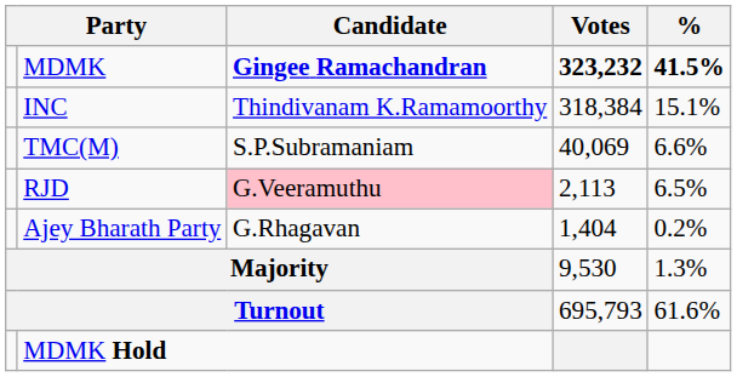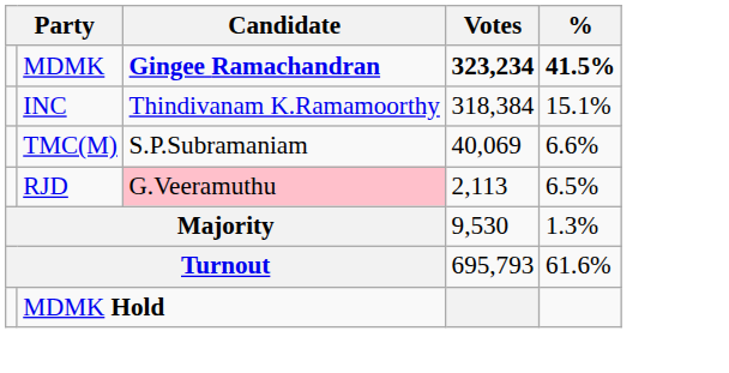 <table class="wikitable">
 <tr>
 <th colspan="2">Party</th>
 <th>Candidate</th>
 <th>Votes</th>
 <th>%</th>
 </tr>
 <tr>
 <td></td>
 <td><a href='#'>MDMK</a></td>
 <td><a href='#'><strong>Gingee</strong> <strong>Ramachandran</strong></a></td>
-<td><strong>323,232</strong></td>
+<td><strong>323,234</strong></td>
 <td><strong>41.5%</strong></td>
 </tr>
 <tr>
 <td></td>
 <td><a href='#'>INC</a></td>
 <td><a href='#'>Thindivanam K.Ramamoorthy</a></td>
 <td>318,384</td>
 <td>15.1%</td>
 </tr>
 <tr>
 <td></td>
 <td><a href='#'>TMC(M)</a></td>
 <td>S.P.Subramaniam</td>
 <td>40,069</td>
 <td>6.6%</td>
 </tr>
 <tr>
 <td></td>
 <td><a href='#'>RJD</a></td>
 <td style="background: pink;">G.Veeramuthu</td>
 <td>2,113</td>
 <td>6.5%</td>
 </tr>
 <tr>
-<td></td>
-<td><a href='#'>Ajey Bharath Party</a></td>
-<td>G.Rhagavan</td>
-<td>1,404</td>
-<td>0.2%</td>
-</tr>
-<tr>
 <th colspan="3">Majority</th>
 <td>9,530</td>
 <td>1.3%</td>
 </tr>
 <tr>
 <th colspan="3"><a href='#'>Turnout</a></th>
 <td>695,793</td>
 <td>61.6%</td>
 </tr>
 <tr>
 <td></td>
 <td colspan="2"><a href='#'>MDMK</a> <strong>Hold</strong></td>
 <th></th>
 <td></td>
 </tr>
 </table>
